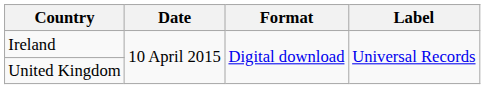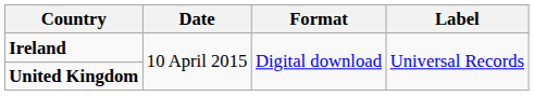 <table class="wikitable plainrowheaders">
 <tr>
 <th scope="col">Country</th>
 <th scope="col">Date</th>
 <th scope="col">Format</th>
 <th scope="col">Label</th>
 </tr>
 <tr>
-<td>Ireland</td>
+<td><strong>Ireland</strong></td>
 <td rowspan="2">10 April 2015</td>
 <td rowspan="2"><a href='#'>Digital download</a></td>
 <td rowspan="2"><a href='#'>Universal Records</a></td>
 </tr>
 <tr>
-<td>United Kingdom</td>
+<td><strong>United Kingdom</strong></td>
 </tr>
 </table>
